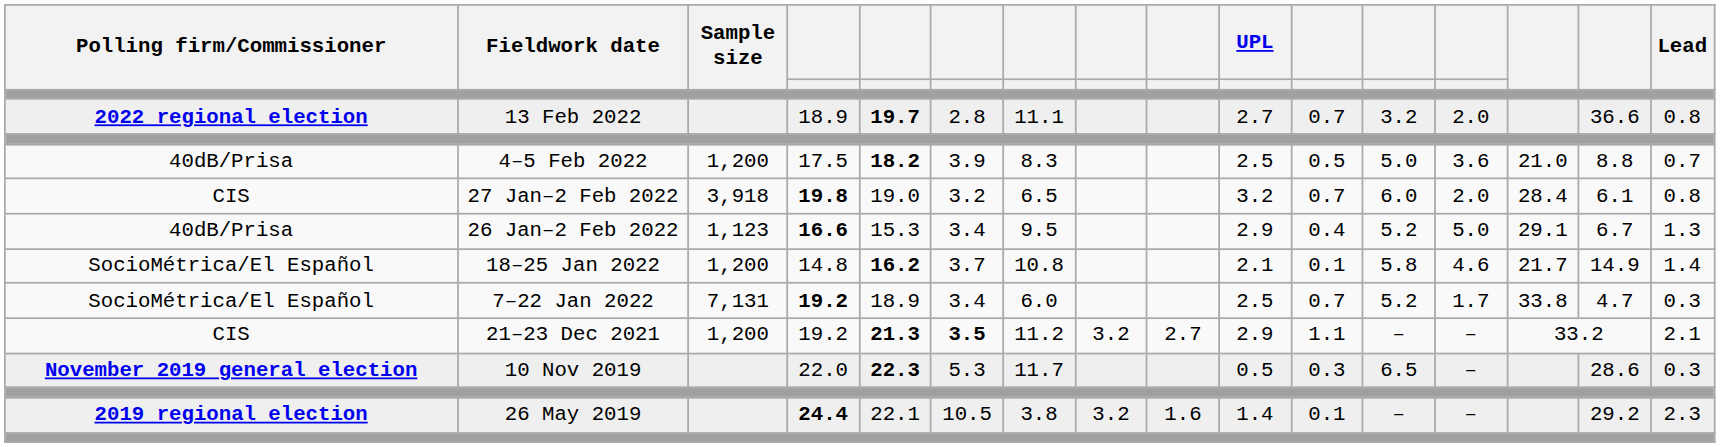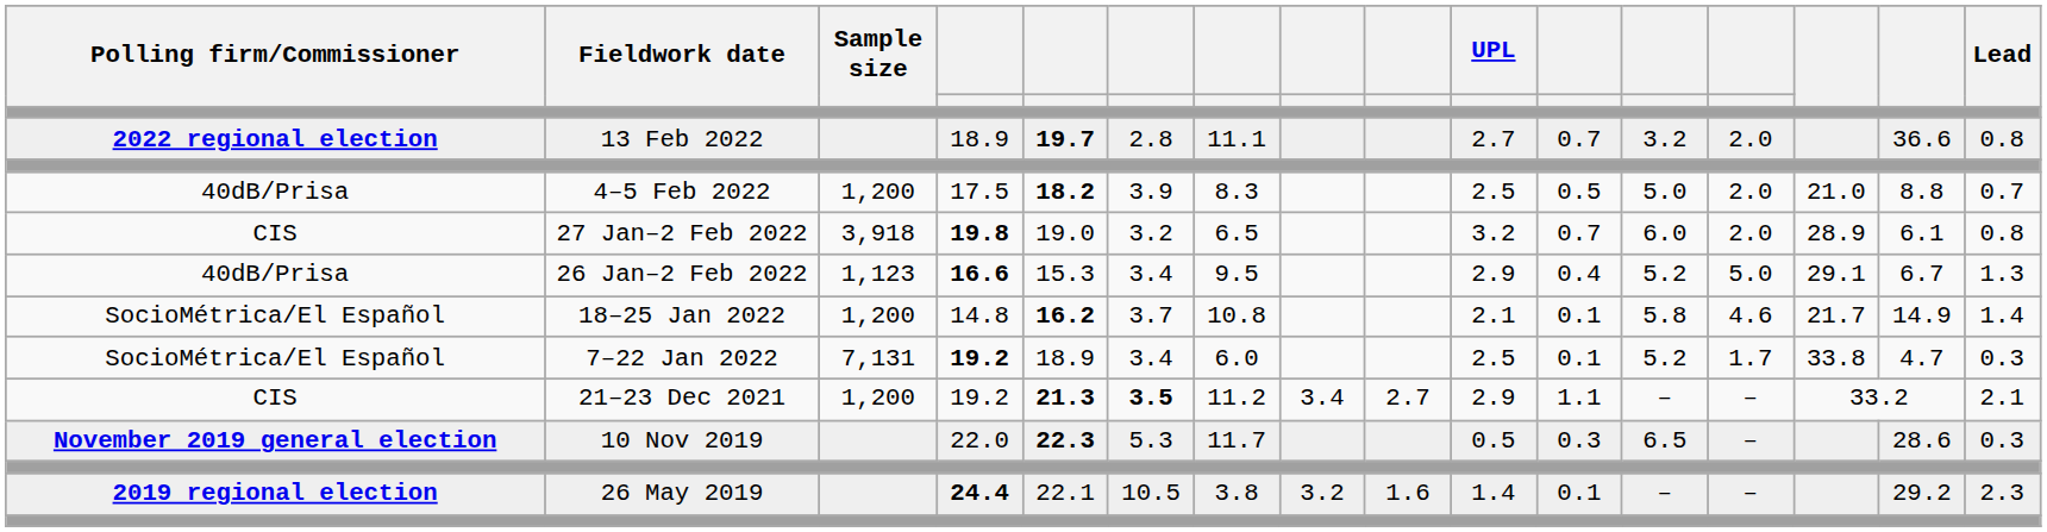 <table class="wikitable collapsible collapsed" style="text-align:center; font-size:90%; line-height:14px;">
 <tr style="height:42px;">
 <th style="width:250px;" rowspan="2">Polling firm/Commissioner</th>
 <th style="width:125px;" rowspan="2">Fieldwork date</th>
 <th style="width:50px;" rowspan="2">Sample size</th>
 <th style="width:35px;"></th>
 <th style="width:35px;"></th>
 <th style="width:35px;"></th>
 <th style="width:35px;"></th>
 <th style="width:35px;"></th>
 <th style="width:35px;"></th>
 <th style="width:35px;"><a href='#'>UPL</a></th>
 <th style="width:35px;"></th>
 <th style="width:35px;"></th>
 <th style="width:35px;"></th>
 <th style="width:35px;" rowspan="2"></th>
 <th style="width:35px;" rowspan="2"></th>
 <th style="width:30px;" rowspan="2">Lead</th>
 </tr>
 <tr>
 <th style="color:inherit;background:"></th>
 <th style="color:inherit;background:"></th>
 <th style="color:inherit;background:"></th>
 <th style="color:inherit;background:"></th>
 <th style="color:inherit;background:"></th>
 <th style="color:inherit;background:"></th>
 <th style="color:inherit;background:"></th>
 <th style="color:inherit;background:"></th>
 <th style="color:inherit;background:"></th>
 <th style="color:inherit;background:"></th>
 </tr>
 <tr>
 <td colspan="16" style="background:#A0A0A0"></td>
 </tr>
 <tr style="background:#EFEFEF;">
 <td><strong><a href='#'>2022 regional election</a></strong></td>
 <td>13 Feb 2022</td>
 <td></td>
 <td>18.9</td>
 <td><strong>19.7</strong></td>
 <td>2.8</td>
 <td>11.1</td>
 <td></td>
 <td></td>
 <td>2.7</td>
 <td>0.7</td>
 <td>3.2</td>
 <td>2.0</td>
 <td></td>
 <td>36.6</td>
 <td style="background:">0.8</td>
 </tr>
 <tr>
 <td colspan="16" style="background:#A0A0A0"></td>
 </tr>
 <tr>
 <td>40dB/Prisa</td>
 <td>4–5 Feb 2022</td>
 <td>1,200</td>
 <td>17.5</td>
 <td><strong>18.2</strong></td>
 <td>3.9</td>
 <td>8.3</td>
 <td></td>
 <td></td>
 <td>2.5</td>
 <td>0.5</td>
 <td>5.0</td>
-<td>3.6</td>
+<td>2.0</td>
 <td>21.0</td>
 <td>8.8</td>
 <td style="background:">0.7</td>
 </tr>
 <tr>
 <td>CIS</td>
 <td>27 Jan–2 Feb 2022</td>
 <td>3,918</td>
 <td><strong>19.8</strong></td>
 <td>19.0</td>
 <td>3.2</td>
 <td>6.5</td>
 <td></td>
 <td></td>
 <td>3.2</td>
 <td>0.7</td>
 <td>6.0</td>
 <td>2.0</td>
-<td>28.4</td>
+<td>28.9</td>
 <td>6.1</td>
 <td style="background:">0.8</td>
 </tr>
 <tr>
 <td>40dB/Prisa</td>
 <td>26 Jan–2 Feb 2022</td>
 <td>1,123</td>
 <td><strong>16.6</strong></td>
 <td>15.3</td>
 <td>3.4</td>
 <td>9.5</td>
 <td></td>
 <td></td>
 <td>2.9</td>
 <td>0.4</td>
 <td>5.2</td>
 <td>5.0</td>
 <td>29.1</td>
 <td>6.7</td>
 <td style="background:">1.3</td>
 </tr>
 <tr>
 <td>SocioMétrica/El Español</td>
 <td>18–25 Jan 2022</td>
 <td>1,200</td>
 <td>14.8</td>
 <td><strong>16.2</strong></td>
 <td>3.7</td>
 <td>10.8</td>
 <td></td>
 <td></td>
 <td>2.1</td>
 <td>0.1</td>
 <td>5.8</td>
 <td>4.6</td>
 <td>21.7</td>
 <td>14.9</td>
 <td style="background:">1.4</td>
 </tr>
 <tr>
 <td>SocioMétrica/El Español</td>
 <td>7–22 Jan 2022</td>
 <td>7,131</td>
 <td><strong>19.2</strong></td>
 <td>18.9</td>
 <td>3.4</td>
 <td>6.0</td>
 <td></td>
 <td></td>
 <td>2.5</td>
-<td>0.7</td>
+<td>0.1</td>
 <td>5.2</td>
 <td>1.7</td>
 <td>33.8</td>
 <td>4.7</td>
 <td style="background:">0.3</td>
 </tr>
 <tr>
 <td>CIS</td>
 <td>21–23 Dec 2021</td>
 <td>1,200</td>
 <td>19.2</td>
 <td><strong>21.3</strong></td>
 <td><strong>3.5</strong></td>
 <td>11.2</td>
-<td>3.2</td>
+<td>3.4</td>
 <td>2.7</td>
 <td>2.9</td>
 <td>1.1</td>
 <td>–</td>
 <td>–</td>
 <td colspan="2">33.2</td>
 <td style="background:">2.1</td>
 </tr>
 <tr style="background:#EFEFEF;">
 <td><strong><a href='#'>November 2019 general election</a></strong></td>
 <td>10 Nov 2019</td>
 <td></td>
 <td>22.0</td>
 <td><strong>22.3</strong></td>
 <td>5.3</td>
 <td>11.7</td>
 <td></td>
 <td></td>
 <td>0.5</td>
 <td>0.3</td>
 <td>6.5</td>
 <td>–</td>
 <td></td>
 <td>28.6</td>
 <td style="background:">0.3</td>
 </tr>
 <tr>
 <td colspan="16" style="background:#A0A0A0"></td>
 </tr>
 <tr style="background:#EFEFEF;">
 <td><strong><a href='#'>2019 regional election</a></strong></td>
 <td>26 May 2019</td>
 <td></td>
 <td><strong>24.4</strong></td>
 <td>22.1</td>
 <td>10.5</td>
 <td>3.8</td>
 <td>3.2</td>
 <td>1.6</td>
 <td>1.4</td>
 <td>0.1</td>
 <td>–</td>
 <td>–</td>
 <td></td>
 <td>29.2</td>
 <td style="background:">2.3</td>
 </tr>
 <tr>
 <td colspan="16" style="background:#A0A0A0"></td>
 </tr>
 </table>
